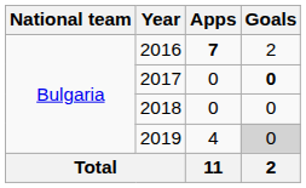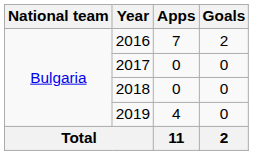 <table class="wikitable" style="text-align:center">
 <tr>
 <th>National team</th>
 <th>Year</th>
 <th>Apps</th>
 <th>Goals</th>
 </tr>
 <tr>
 <td rowspan="4"><a href='#'>Bulgaria</a></td>
 <td>2016</td>
-<td><strong>7</strong></td>
+<td>7</td>
 <td>2</td>
 </tr>
 <tr>
 <td>2017</td>
 <td>0</td>
-<td><strong>0</strong></td>
+<td>0</td>
 </tr>
 <tr>
 <td>2018</td>
 <td>0</td>
 <td>0</td>
 </tr>
 <tr>
 <td>2019</td>
 <td>4</td>
-<td style="background: lightgrey;">0</td>
+<td>0</td>
 </tr>
 <tr>
 <th colspan="2">Total</th>
 <th>11</th>
 <th>2</th>
 </tr>
 </table>
